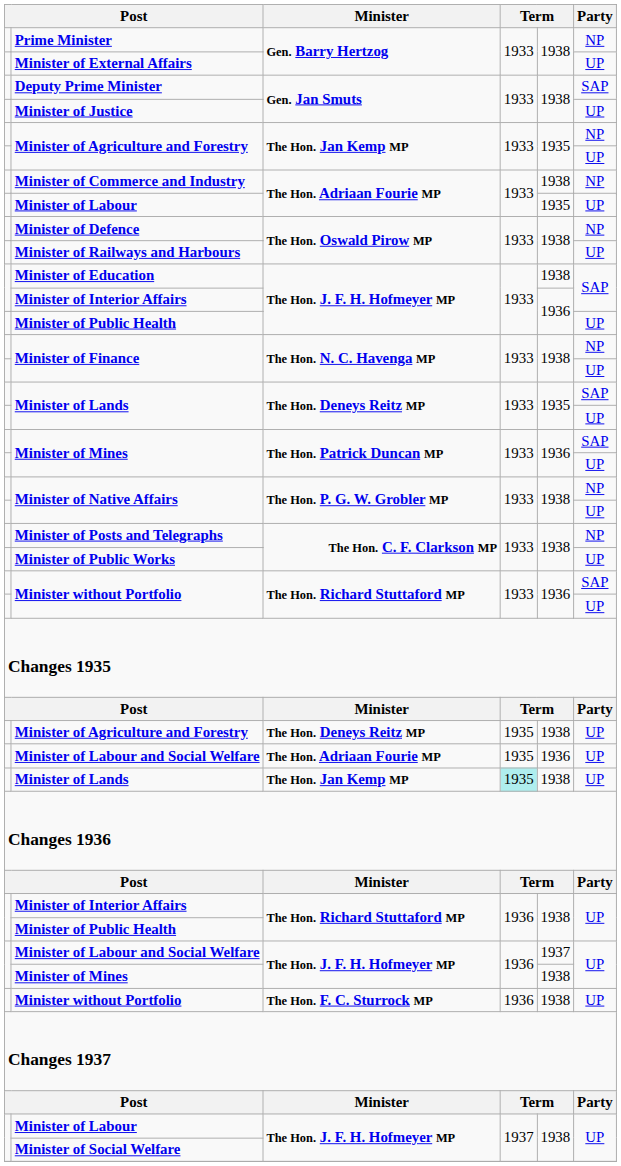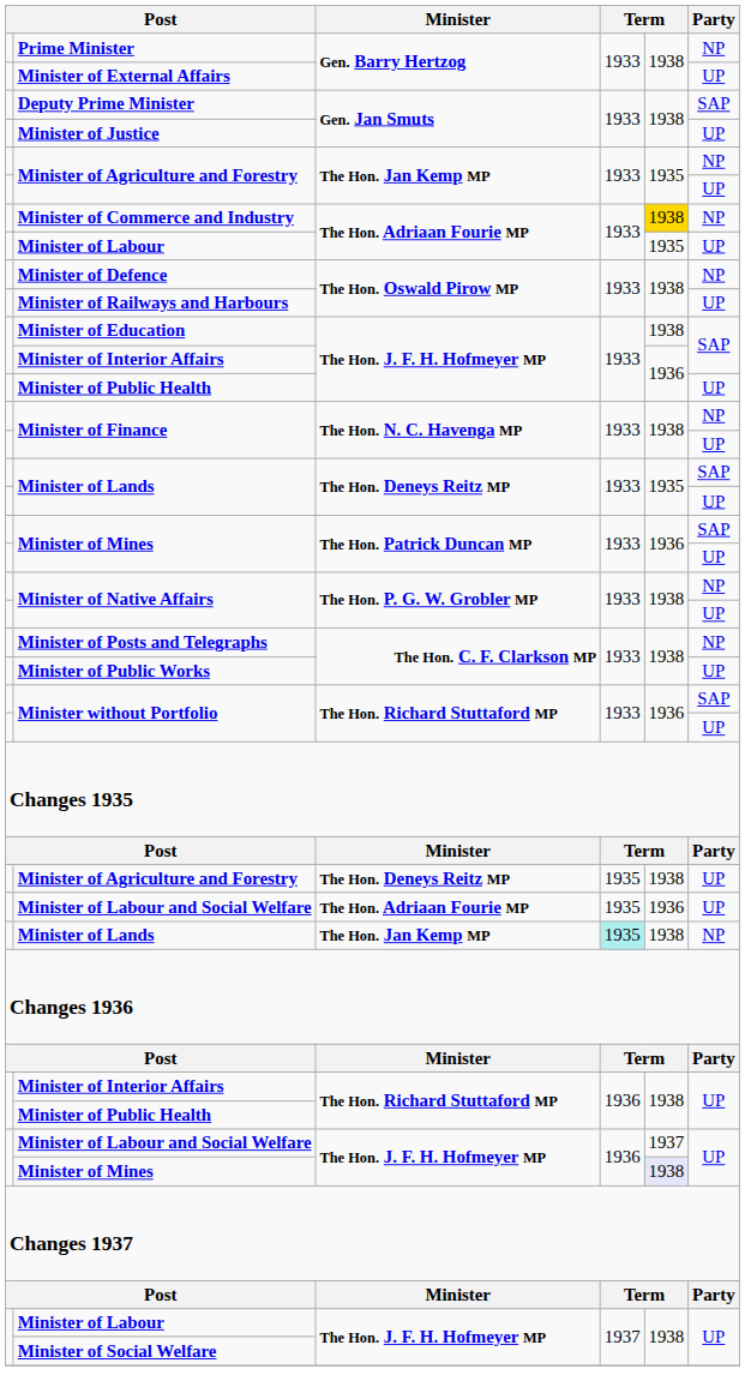 <table class="wikitable">
 <tr>
 <th colspan=2>Post</th>
 <th>Minister</th>
 <th colspan=2>Term</th>
 <th>Party</th>
 </tr>
 <tr>
 <td rowspan=2 style="background-color: "></td>
 <td><strong><a href='#'>Prime Minister</a></strong></td>
 <td rowspan=3> <strong><small>Gen.</small> <a href='#'>Barry Hertzog</a></strong></td>
 <td rowspan=3>1933</td>
 <td rowspan=3>1938</td>
 <td rowspan=2 align=center><a href='#'>NP</a></td>
 </tr>
 <tr>
 <td rowspan=2><strong><a href='#'>Minister of External Affairs</a></strong></td>
 </tr>
 <tr>
 <td style="background-color: "></td>
 <td align=center><a href='#'>UP</a></td>
 </tr>
 <tr>
 <td rowspan=2 style="background-color: "></td>
 <td><strong><a href='#'>Deputy Prime Minister</a></strong></td>
 <td rowspan=3> <strong><small>Gen.</small> <a href='#'>Jan Smuts</a></strong></td>
 <td rowspan=3>1933</td>
 <td rowspan=3>1938</td>
 <td rowspan=2 align=center><a href='#'>SAP</a></td>
 </tr>
 <tr>
 <td rowspan=2><strong><a href='#'>Minister of Justice</a></strong></td>
 </tr>
 <tr>
 <td style="background-color: "></td>
 <td align=center><a href='#'>UP</a></td>
 </tr>
 <tr>
 <td style="background-color: "></td>
 <td rowspan=2><strong><a href='#'>Minister of Agriculture and Forestry</a></strong><br><em></em></td>
 <td rowspan=2> <strong><small>The Hon.</small> <a href='#'>Jan Kemp</a> <small>MP</small></strong></td>
 <td rowspan=2>1933</td>
 <td rowspan=2>1935</td>
 <td align=center><a href='#'>NP</a></td>
 </tr>
 <tr>
 <td style="background-color: "></td>
 <td align=center><a href='#'>UP</a></td>
 </tr>
 <tr>
 <td rowspan=2 style="background-color: "></td>
 <td><strong><a href='#'>Minister of Commerce and Industry</a></strong><br><em></em></td>
 <td rowspan=3> <strong><small>The Hon.</small> <a href='#'>Adriaan Fourie</a> <small>MP</small></strong></td>
 <td rowspan=3>1933</td>
-<td>1938</td>
+<td style="background: gold;">1938</td>
 <td rowspan=2 align=center><a href='#'>NP</a></td>
 </tr>
 <tr>
 <td rowspan=2><strong><a href='#'>Minister of Labour</a></strong></td>
 <td rowspan=2>1935</td>
 </tr>
 <tr>
 <td style="background-color: "></td>
 <td align=center><a href='#'>UP</a></td>
 </tr>
 <tr>
 <td rowspan=2 style="background-color: "></td>
 <td><strong><a href='#'>Minister of Defence</a></strong></td>
 <td rowspan=3> <strong><small>The Hon.</small> <a href='#'>Oswald Pirow</a> <small>MP</small></strong></td>
 <td rowspan=3>1933</td>
 <td rowspan=3>1938</td>
 <td rowspan=2 align=center><a href='#'>NP</a></td>
 </tr>
 <tr>
 <td rowspan=2><strong><a href='#'>Minister of Railways and Harbours</a></strong></td>
 </tr>
 <tr>
 <td style="background-color: "></td>
 <td align=center><a href='#'>UP</a></td>
 </tr>
 <tr>
 <td rowspan=3 style="background-color: "></td>
 <td><strong><a href='#'>Minister of Education</a></strong></td>
 <td rowspan=4> <strong><small>The Hon.</small> <a href='#'>J. F. H. Hofmeyer</a> <small>MP</small></strong></td>
 <td rowspan=4>1933</td>
 <td>1938</td>
 <td rowspan=3 align=center><a href='#'>SAP</a></td>
 </tr>
 <tr>
 <td><strong><a href='#'>Minister of Interior Affairs</a></strong></td>
 <td rowspan=3>1936</td>
 </tr>
 <tr>
 <td rowspan=2><strong><a href='#'>Minister of Public Health</a></strong></td>
 </tr>
 <tr>
 <td style="background-color: "></td>
 <td align=center><a href='#'>UP</a></td>
 </tr>
 <tr>
 <td style="background-color: "></td>
 <td rowspan=2><strong><a href='#'>Minister of Finance</a></strong></td>
 <td rowspan=2> <strong><small>The Hon.</small> <a href='#'>N. C. Havenga</a> <small>MP</small></strong></td>
 <td rowspan=2>1933</td>
 <td rowspan=2>1938</td>
 <td align=center><a href='#'>NP</a></td>
 </tr>
 <tr>
 <td style="background-color: "></td>
 <td align=center><a href='#'>UP</a></td>
 </tr>
 <tr>
 <td style="background-color: "></td>
 <td rowspan=2><strong><a href='#'>Minister of Lands</a></strong></td>
 <td rowspan=2> <strong><small>The Hon.</small> <a href='#'>Deneys Reitz</a> <small>MP</small></strong></td>
 <td rowspan=2>1933</td>
 <td rowspan=2>1935</td>
 <td align=center><a href='#'>SAP</a></td>
 </tr>
 <tr>
 <td style="background-color: "></td>
 <td align=center><a href='#'>UP</a></td>
 </tr>
 <tr>
 <td style="background-color: "></td>
 <td rowspan=2><strong><a href='#'>Minister of Mines</a></strong><br><em></em></td>
 <td rowspan=2> <strong><small>The Hon.</small> <a href='#'>Patrick Duncan</a> <small>MP</small></strong></td>
 <td rowspan=2>1933</td>
 <td rowspan=2>1936</td>
 <td align=center><a href='#'>SAP</a></td>
 </tr>
 <tr>
 <td style="background-color: "></td>
 <td align=center><a href='#'>UP</a></td>
 </tr>
 <tr>
 <td style="background-color: "></td>
 <td rowspan=2><strong><a href='#'>Minister of Native Affairs</a></strong></td>
 <td rowspan=2> <strong><small>The Hon.</small> <a href='#'>P. G. W. Grobler</a> <small>MP</small></strong></td>
 <td rowspan=2>1933</td>
 <td rowspan=2>1938</td>
 <td align=center><a href='#'>NP</a></td>
 </tr>
 <tr>
 <td style="background-color: "></td>
 <td align=center><a href='#'>UP</a></td>
 </tr>
 <tr>
 <td rowspan=2 style="background-color: "></td>
 <td><strong><a href='#'>Minister of Posts and Telegraphs</a></strong></td>
 <td rowspan=3 style="padding-left:70px"><strong><small>The Hon.</small> <a href='#'>C. F. Clarkson</a> <small>MP</small></strong></td>
 <td rowspan=3>1933</td>
 <td rowspan=3>1938</td>
 <td rowspan=2 align=center><a href='#'>NP</a></td>
 </tr>
 <tr>
 <td rowspan=2><strong><a href='#'>Minister of Public Works</a></strong></td>
 </tr>
 <tr>
 <td style="background-color: "></td>
 <td align=center><a href='#'>UP</a></td>
 </tr>
 <tr>
 <td style="background-color: "></td>
 <td rowspan=2><strong><a href='#'>Minister without Portfolio</a></strong></td>
 <td rowspan=2> <strong><small>The Hon.</small> <a href='#'>Richard Stuttaford</a> <small>MP</small></strong></td>
 <td rowspan=2>1933</td>
 <td rowspan=2>1936</td>
 <td align=center><a href='#'>SAP</a></td>
 </tr>
 <tr>
 <td style="background-color: "></td>
 <td align=center><a href='#'>UP</a></td>
 </tr>
 <tr>
 <td colspan=6><br><h3>Changes 1935</h3></td>
 </tr>
 <tr>
 <th colspan=2>Post</th>
 <th>Minister</th>
 <th colspan=2>Term</th>
 <th>Party</th>
 </tr>
 <tr>
 <td style="background-color: "></td>
 <td><strong><a href='#'>Minister of Agriculture and Forestry</a></strong></td>
 <td> <strong><small>The Hon.</small> <a href='#'>Deneys Reitz</a> <small>MP</small></strong></td>
 <td>1935</td>
 <td>1938</td>
 <td align=center><a href='#'>UP</a></td>
 </tr>
 <tr>
 <td style="background-color: "></td>
 <td><strong><a href='#'>Minister of Labour and Social Welfare</a></strong><br><em></em></td>
 <td> <strong><small>The Hon.</small> <a href='#'>Adriaan Fourie</a> <small>MP</small></strong></td>
 <td>1935</td>
 <td>1936</td>
 <td align=center><a href='#'>UP</a></td>
 </tr>
 <tr>
 <td style="background-color: "></td>
 <td><strong><a href='#'>Minister of Lands</a></strong></td>
 <td> <strong><small>The Hon.</small> <a href='#'>Jan Kemp</a> <small>MP</small></strong></td>
 <td style="background: paleturquoise;">1935</td>
 <td>1938</td>
-<td align=center><a href='#'>UP</a></td>
+<td align=center><a href='#'>NP</a></td>
 </tr>
 <tr>
 <td colspan=6><br><h3>Changes 1936</h3></td>
 </tr>
 <tr>
 <th colspan=2>Post</th>
 <th>Minister</th>
 <th colspan=2>Term</th>
 <th>Party</th>
 </tr>
 <tr>
 <td rowspan=2 style="background-color: "></td>
 <td><strong><a href='#'>Minister of Interior Affairs</a></strong></td>
 <td rowspan=2> <strong><small>The Hon.</small> <a href='#'>Richard Stuttaford</a> <small>MP</small></strong></td>
 <td rowspan=2>1936</td>
 <td rowspan=2>1938</td>
 <td rowspan=2 align=center><a href='#'>UP</a></td>
 </tr>
 <tr>
 <td><strong><a href='#'>Minister of Public Health</a></strong></td>
 </tr>
 <tr>
 <td rowspan=2 style="background-color: "></td>
 <td><strong><a href='#'>Minister of Labour and Social Welfare</a></strong></td>
 <td rowspan=2> <strong><small>The Hon.</small> <a href='#'>J. F. H. Hofmeyer</a> <small>MP</small></strong></td>
 <td rowspan=2>1936</td>
 <td>1937</td>
 <td rowspan=2 align=center><a href='#'>UP</a></td>
 </tr>
 <tr>
 <td><strong><a href='#'>Minister of Mines</a></strong></td>
-<td>1938</td>
-</tr>
-<tr>
-<td style="background-color: "></td>
-<td><strong><a href='#'>Minister without Portfolio</a></strong></td>
-<td> <strong><small>The Hon.</small> <a href='#'>F. C. Sturrock</a> <small>MP</small></strong></td>
-<td>1936</td>
-<td>1938</td>
-<td align=center><a href='#'>UP</a></td>
+<td style="background: lavender;">1938</td>
 </tr>
 <tr>
 <td colspan=6><br><h3>Changes 1937</h3></td>
 </tr>
 <tr>
 <th colspan=2>Post</th>
 <th>Minister</th>
 <th colspan=2>Term</th>
 <th>Party</th>
 </tr>
 <tr>
 <td rowspan=2 style="background-color: "></td>
 <td><strong><a href='#'>Minister of Labour</a></strong></td>
 <td rowspan=2> <strong><small>The Hon.</small> <a href='#'>J. F. H. Hofmeyer</a> <small>MP</small></strong></td>
 <td rowspan=2>1937</td>
 <td rowspan=2>1938</td>
 <td rowspan=2 align=center><a href='#'>UP</a></td>
 </tr>
 <tr>
 <td><strong><a href='#'>Minister of Social Welfare</a></strong></td>
 </tr>
 <tr>
 </tr>
 </table>
